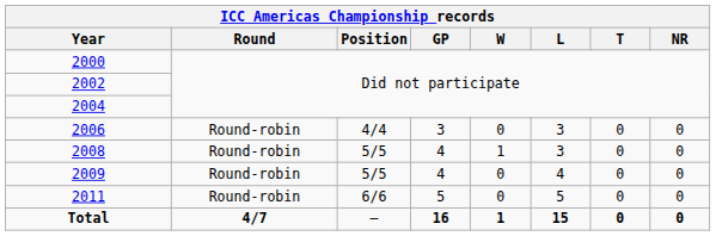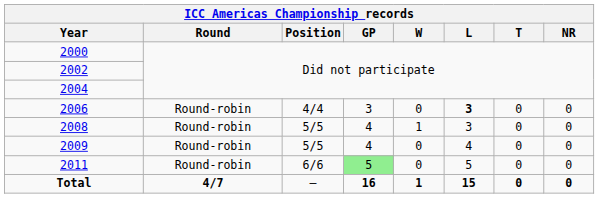 <table class="wikitable" style="text-align: center; width=900px;">
 <tr>
 <th colspan=9><a href='#'>ICC Americas Championship </a> records</th>
 </tr>
 <tr>
 <th width=150>Year</th>
 <th width=150>Round</th>
 <th width=50>Position</th>
 <th width=50>GP</th>
 <th width=50>W</th>
 <th width=50>L</th>
 <th width=50>T</th>
 <th width=50>NR</th>
 </tr>
 <tr>
 <td> <a href='#'>2000</a></td>
 <td colspan= 8 rowspan=3>Did not participate</td>
 </tr>
 <tr>
 <td> <a href='#'>2002</a></td>
 </tr>
 <tr>
 <td> <a href='#'>2004</a></td>
 </tr>
 <tr>
 <td> <a href='#'>2006</a></td>
 <td>Round-robin</td>
 <td>4/4</td>
 <td>3</td>
 <td>0</td>
-<td>3</td>
+<td><strong>3</strong></td>
 <td>0</td>
 <td>0</td>
 </tr>
 <tr>
 <td> <a href='#'>2008</a></td>
 <td>Round-robin</td>
 <td>5/5</td>
 <td>4</td>
 <td>1</td>
 <td>3</td>
 <td>0</td>
 <td>0</td>
 </tr>
 <tr>
 <td> <a href='#'>2009</a></td>
 <td>Round-robin</td>
 <td>5/5</td>
 <td>4</td>
 <td>0</td>
 <td>4</td>
 <td>0</td>
 <td>0</td>
 </tr>
 <tr>
 <td> <a href='#'>2011</a></td>
 <td>Round-robin</td>
 <td>6/6</td>
-<td>5</td>
+<td style="background: lightgreen;">5</td>
 <td>0</td>
 <td>5</td>
 <td>0</td>
 <td>0</td>
 </tr>
 <tr>
 <td><strong>Total</strong></td>
 <td><strong>4/7</strong></td>
 <td>–</td>
 <td><strong>16</strong></td>
 <td><strong>1</strong></td>
 <td><strong>15</strong></td>
 <td><strong>0</strong></td>
 <td><strong>0</strong></td>
 </tr>
 </table>
